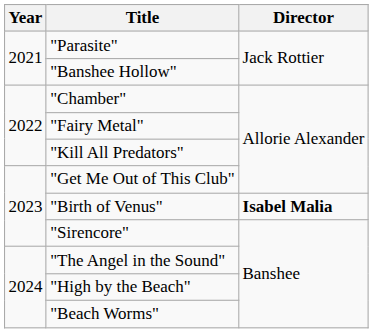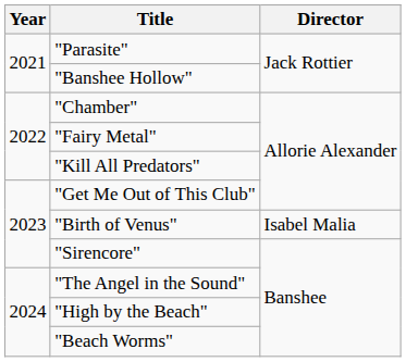 <table class="wikitable">
 <tr>
 <th>Year</th>
 <th>Title</th>
 <th>Director</th>
 </tr>
 <tr>
 <td rowspan="2">2021</td>
 <td>"Parasite"</td>
 <td rowspan="2">Jack Rottier</td>
 </tr>
 <tr>
 <td>"Banshee Hollow"</td>
 </tr>
 <tr>
 <td rowspan="3">2022</td>
 <td>"Chamber"</td>
 <td rowspan="4">Allorie Alexander</td>
 </tr>
 <tr>
 <td>"Fairy Metal"</td>
 </tr>
 <tr>
 <td>"Kill All Predators"</td>
 </tr>
 <tr>
 <td rowspan="3">2023</td>
 <td>"Get Me Out of This Club"</td>
 </tr>
 <tr>
 <td>"Birth of Venus"</td>
-<td><strong>Isabel Malia</strong></td>
+<td>Isabel Malia</td>
 </tr>
 <tr>
 <td>"Sirencore"</td>
 <td rowspan="4">Banshee</td>
 </tr>
 <tr>
 <td rowspan="3">2024</td>
 <td>"The Angel in the Sound"</td>
 </tr>
 <tr>
 <td>"High by the Beach"</td>
 </tr>
 <tr>
 <td>"Beach Worms"</td>
 </tr>
 </table>
